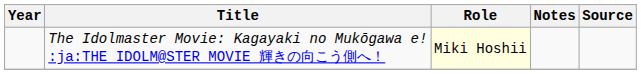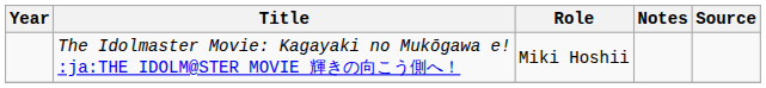 <table class="wikitable sortable plainrowheaders">
 <tr>
 <th>Year</th>
 <th>Title</th>
 <th>Role</th>
 <th class="unsortable">Notes</th>
 <th class="unsortable">Source</th>
 </tr>
 <tr>
 <td></td>
 <td><em>The Idolmaster Movie: Kagayaki no Mukōgawa e!</em><br><a href='#'>:ja:THE IDOLM@STER MOVIE 輝きの向こう側へ！</a></td>
-<td style="background: lightyellow;">Miki Hoshii</td>
+<td>Miki Hoshii</td>
 <td></td>
 <td></td>
 </tr>
 <tr>
 </tr>
 </table>
